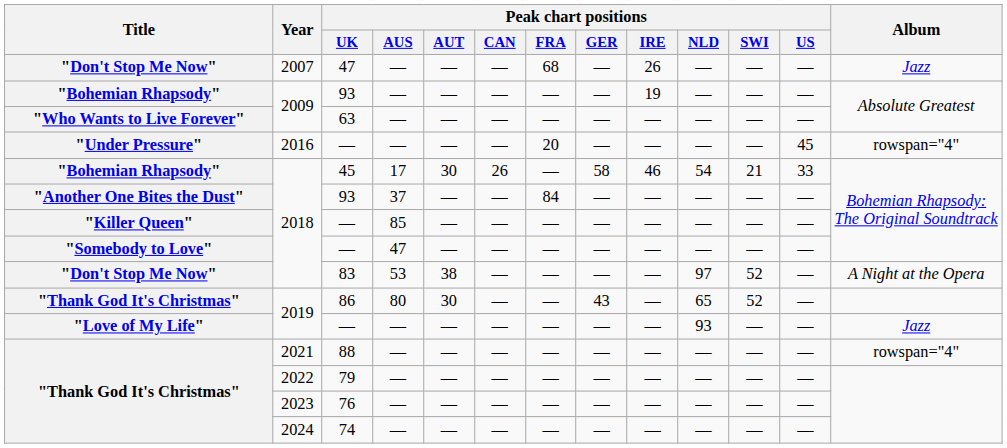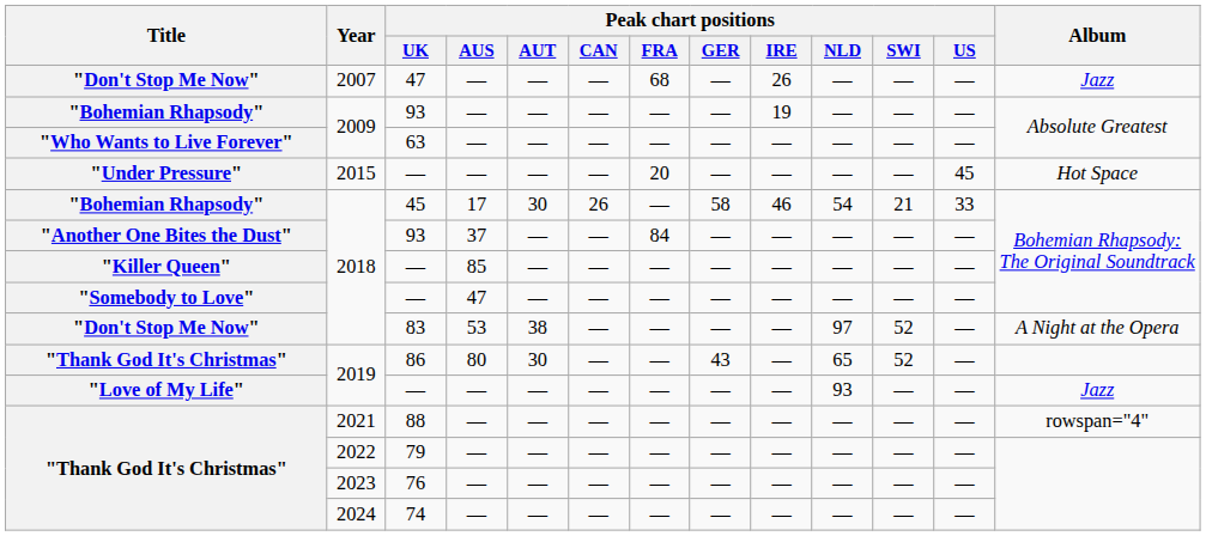 <table class="wikitable plainrowheaders" style="text-align:center;">
 <tr>
 <th scope="col" rowspan="2" style="width:16em;">Title</th>
 <th scope="col" rowspan="2" style="width:2.5em;">Year</th>
 <th scope="col" colspan="10">Peak chart positions</th>
 <th scope="col" rowspan="2" style="width:10em;">Album</th>
 </tr>
 <tr>
 <th scope="col" style="width:3em;font-size:90%;"><a href='#'>UK</a><br></th>
 <th scope="col" style="width:3em;font-size:90%;"><a href='#'>AUS</a><br></th>
 <th scope="col" style="width:3em;font-size:90%;"><a href='#'>AUT</a><br></th>
 <th scope="col" style="width:3em;font-size:90%;"><a href='#'>CAN</a><br></th>
 <th scope="col" style="width:3em;font-size:90%;"><a href='#'>FRA</a><br></th>
 <th scope="col" style="width:3em;font-size:90%;"><a href='#'>GER</a><br></th>
 <th scope="col" style="width:3em;font-size:90%;"><a href='#'>IRE</a><br></th>
 <th scope="col" style="width:3em;font-size:90%;"><a href='#'>NLD</a><br></th>
 <th scope="col" style="width:3em;font-size:90%;"><a href='#'>SWI</a><br></th>
 <th scope="col" style="width:3em;font-size:90%;"><a href='#'>US</a><br></th>
 </tr>
 <tr>
 <th scope="row">"<a href='#'>Don't Stop Me Now</a>"</th>
 <td>2007</td>
 <td>47</td>
 <td>—</td>
 <td>—</td>
 <td>—</td>
 <td>68</td>
 <td>—</td>
 <td>26</td>
 <td>—</td>
 <td>—</td>
 <td>—</td>
 <td><em><a href='#'>Jazz</a></em></td>
 </tr>
 <tr>
 <th scope="row">"<a href='#'>Bohemian Rhapsody</a>"</th>
 <td rowspan="2">2009</td>
 <td>93</td>
 <td>—</td>
 <td>—</td>
 <td>—</td>
 <td>—</td>
 <td>—</td>
 <td>19</td>
 <td>—</td>
 <td>—</td>
 <td>—</td>
 <td rowspan="2"><em>Absolute Greatest</em></td>
 </tr>
 <tr>
 <th scope="row">"<a href='#'>Who Wants to Live Forever</a>"</th>
 <td>63</td>
 <td>—</td>
 <td>—</td>
 <td>—</td>
 <td>—</td>
 <td>—</td>
 <td>—</td>
 <td>—</td>
 <td>—</td>
 <td>—</td>
 </tr>
 <tr>
 <th scope="row">"<a href='#'>Under Pressure</a>"<br></th>
-<td>2016</td>
+<td>2015</td>
 <td>—</td>
 <td>—</td>
 <td>—</td>
 <td>—</td>
 <td>20</td>
 <td>—</td>
 <td>—</td>
 <td>—</td>
 <td>—</td>
 <td>45</td>
-<td>rowspan="4" </td>
+<td><em>Hot Space</em></td>
 </tr>
 <tr>
 <th scope="row">"<a href='#'>Bohemian Rhapsody</a>"</th>
 <td rowspan="5">2018</td>
 <td>45</td>
 <td>17</td>
 <td>30</td>
 <td>26</td>
 <td>—</td>
 <td>58</td>
 <td>46</td>
 <td>54</td>
 <td>21</td>
 <td>33</td>
 <td rowspan="4"><em><a href='#'>Bohemian Rhapsody: The Original Soundtrack</a></em></td>
 </tr>
 <tr>
 <th scope="row">"<a href='#'>Another One Bites the Dust</a>"</th>
 <td>93</td>
 <td>37</td>
 <td>—</td>
 <td>—</td>
 <td>84</td>
 <td>—</td>
 <td>—</td>
 <td>—</td>
 <td>—</td>
 <td>—</td>
 </tr>
 <tr>
 <th scope="row">"<a href='#'>Killer Queen</a>"</th>
 <td>—</td>
 <td>85</td>
 <td>—</td>
 <td>—</td>
 <td>—</td>
 <td>—</td>
 <td>—</td>
 <td>—</td>
 <td>—</td>
 <td>—</td>
 </tr>
 <tr>
 <th scope="row">"<a href='#'>Somebody to Love</a>"</th>
 <td>—</td>
 <td>47</td>
 <td>—</td>
 <td>—</td>
 <td>—</td>
 <td>—</td>
 <td>—</td>
 <td>—</td>
 <td>—</td>
 <td>—</td>
 </tr>
 <tr>
 <th scope="row">"<a href='#'>Don't Stop Me Now</a>"</th>
 <td>83</td>
 <td>53</td>
 <td>38</td>
 <td>—</td>
 <td>—</td>
 <td>—</td>
 <td>—</td>
 <td>97</td>
 <td>52</td>
 <td>—</td>
 <td><em>A Night at the Opera</em></td>
 </tr>
 <tr>
 <th scope="row">"<a href='#'>Thank God It's Christmas</a>"</th>
 <td rowspan="2">2019</td>
 <td>86</td>
 <td>80</td>
 <td>30</td>
 <td>—</td>
 <td>—</td>
 <td>43</td>
 <td>—</td>
 <td>65</td>
 <td>52</td>
 <td>—</td>
 <td></td>
 </tr>
 <tr>
 <th scope="row">"<a href='#'>Love of My Life</a>"</th>
 <td>—</td>
 <td>—</td>
 <td>—</td>
 <td>—</td>
 <td>—</td>
 <td>—</td>
 <td>—</td>
 <td>93</td>
 <td>—</td>
 <td>—</td>
 <td><em><a href='#'>Jazz</a></em></td>
 </tr>
 <tr>
 <th scope="row" rowspan="4">"Thank God It's Christmas"</th>
 <td>2021</td>
 <td>88</td>
 <td>—</td>
 <td>—</td>
 <td>—</td>
 <td>—</td>
 <td>—</td>
 <td>—</td>
 <td>—</td>
 <td>—</td>
 <td>—</td>
 <td>rowspan="4" </td>
 </tr>
 <tr>
 <td>2022</td>
 <td>79</td>
 <td>—</td>
 <td>—</td>
 <td>—</td>
 <td>—</td>
 <td>—</td>
 <td>—</td>
 <td>—</td>
 <td>—</td>
 <td>—</td>
 </tr>
 <tr>
 <td>2023</td>
 <td>76</td>
 <td>—</td>
 <td>—</td>
 <td>—</td>
 <td>—</td>
 <td>—</td>
 <td>—</td>
 <td>—</td>
 <td>—</td>
 <td>—</td>
 </tr>
 <tr>
 <td>2024</td>
 <td>74</td>
 <td>—</td>
 <td>—</td>
 <td>—</td>
 <td>—</td>
 <td>—</td>
 <td>—</td>
 <td>—</td>
 <td>—</td>
 <td>—</td>
 </tr>
 </table>
